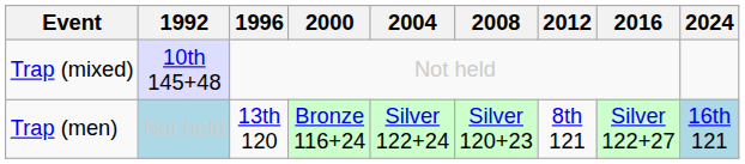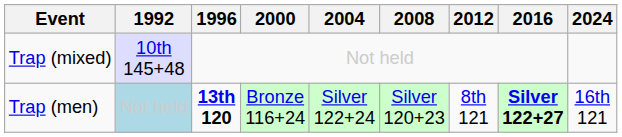 <table class="wikitable" style="text-align: center">
 <tr>
 <th>Event</th>
 <th>1992</th>
 <th>1996</th>
 <th>2000</th>
 <th>2004</th>
 <th>2008</th>
 <th>2012</th>
 <th>2016</th>
 <th>2024</th>
 </tr>
 <tr>
 <td align=left><a href='#'>Trap</a> (mixed)</td>
 <td style="background: #ddddff"><a href='#'>10th</a><br>145+48</td>
 <td colspan=6 style="color: #cccccc">Not held</td>
 </tr>
 <tr>
 <td align=left><a href='#'>Trap</a> (men)</td>
 <td style="background: lightblue; color: #cccccc">Not held</td>
-<td><a href='#'>13th</a><br>120</td>
+<td><strong><a href='#'>13th</a><br>120</strong></td>
 <td style="background: #ccffcc"> <a href='#'>Bronze</a><br>116+24</td>
 <td style="background: #ccffcc"> <a href='#'>Silver</a><br>122+24</td>
 <td style="background: #ccffcc"> <a href='#'>Silver</a><br>120+23</td>
 <td><a href='#'>8th</a><br>121</td>
-<td style="background: #ccffcc"> <a href='#'>Silver</a><br>122+27</td>
-<td style="background: lightblue;"><a href='#'>16th</a><br>121</td>
+<td style="background: #ccffcc"><strong> <a href='#'>Silver</a><br>122+27</strong></td>
+<td><a href='#'>16th</a><br>121</td>
 </tr>
 </table>
